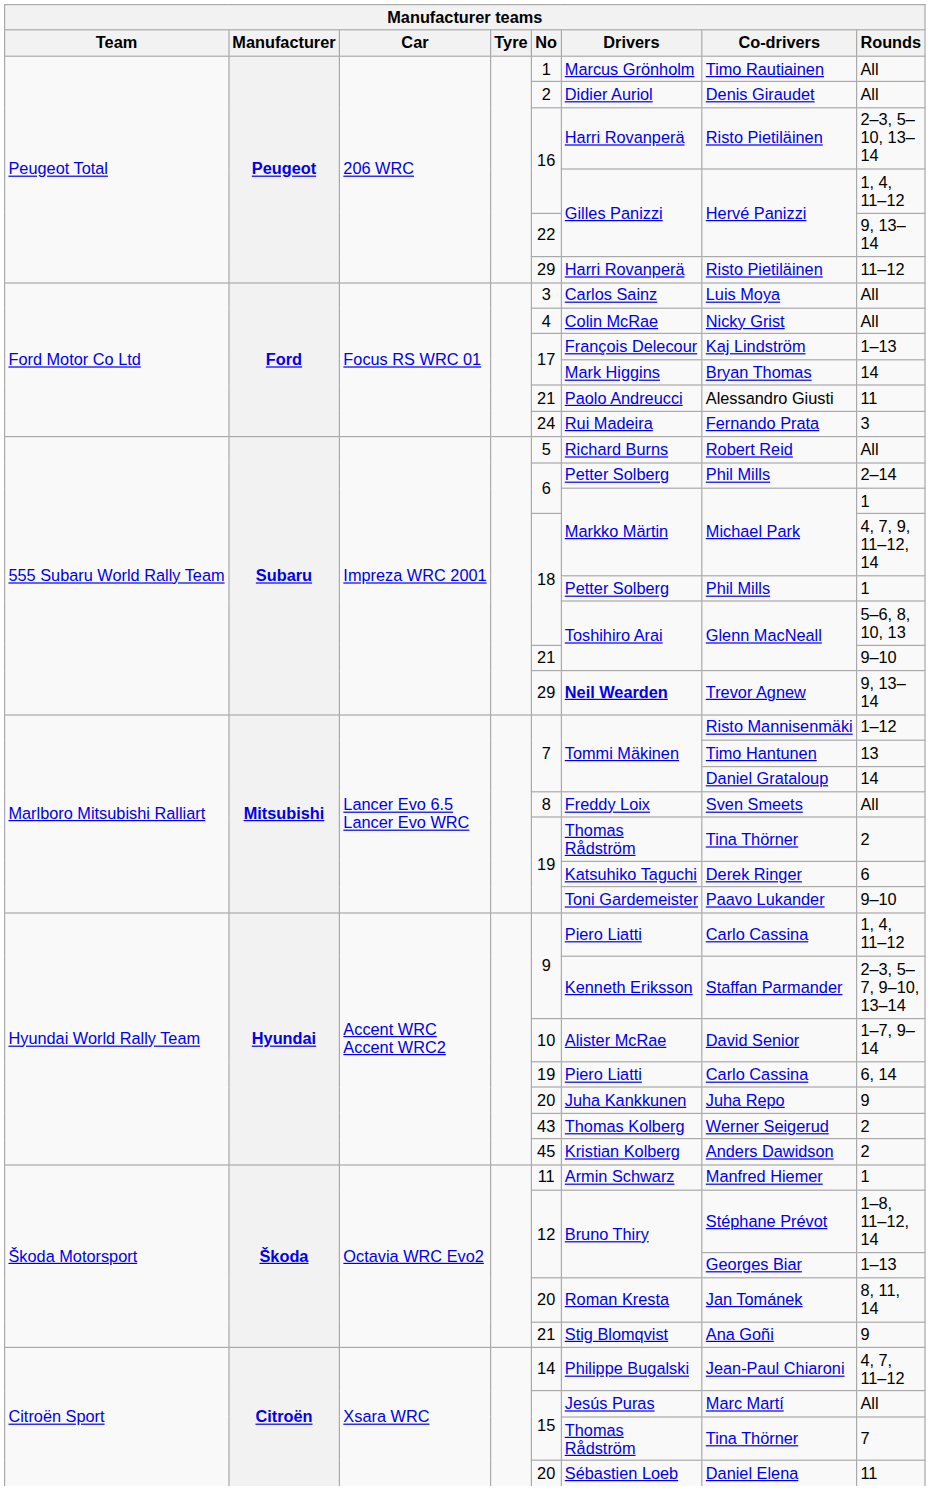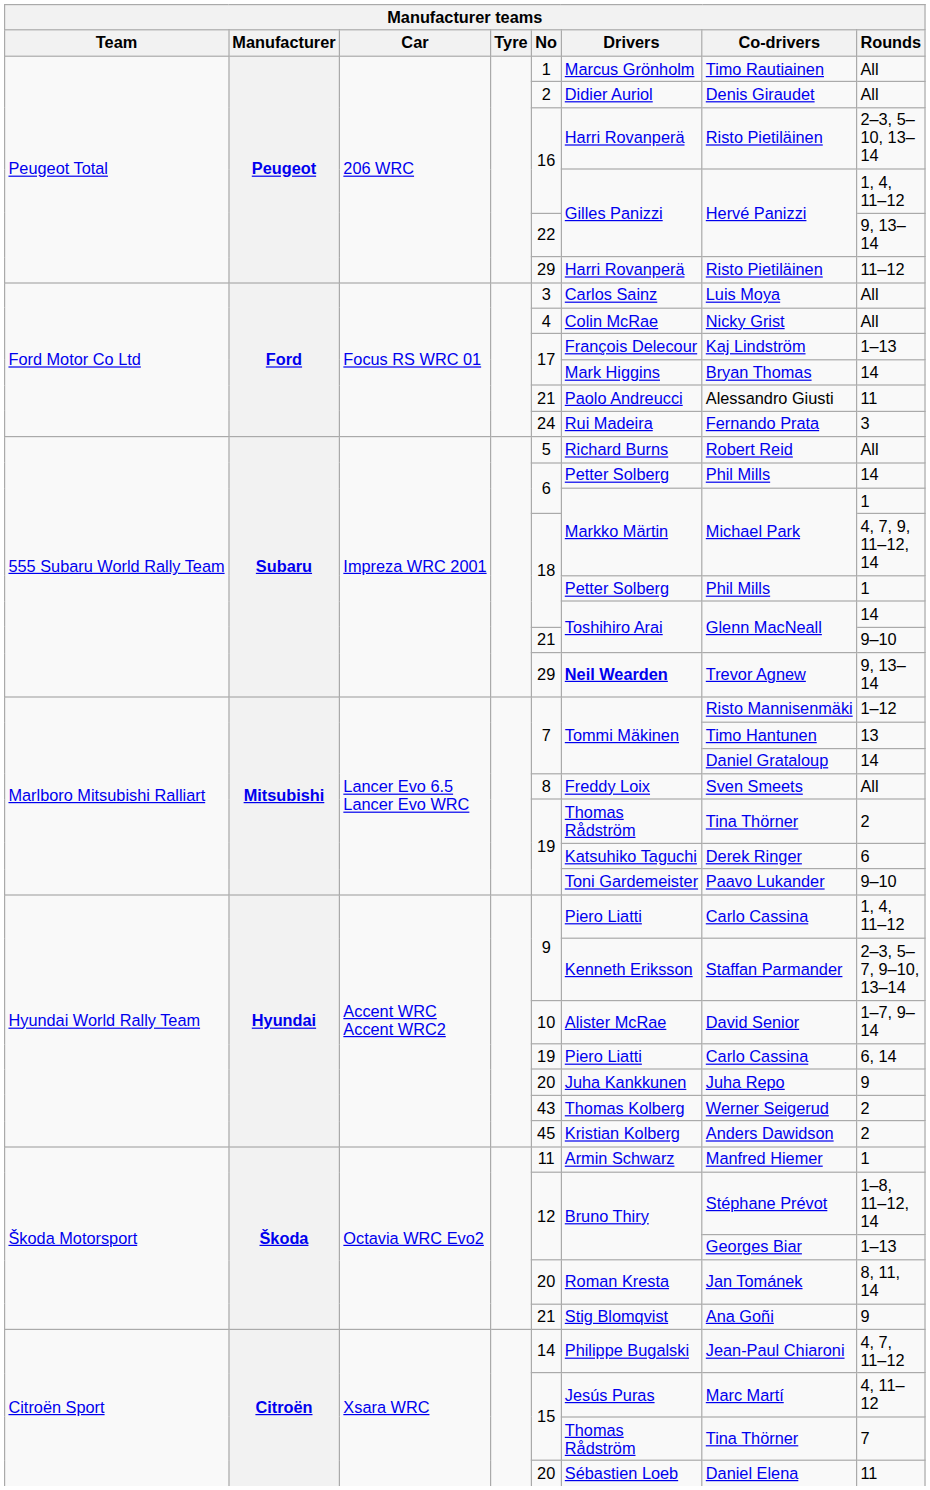 <table class="wikitable" style="font-size: 85%">
 <tr>
 <th colspan="11">Manufacturer teams</th>
 </tr>
 <tr>
 <th>Team</th>
 <th>Manufacturer</th>
 <th>Car</th>
 <th>Tyre</th>
 <th>No</th>
 <th>Drivers</th>
 <th><strong>Co-drivers</strong></th>
 <th>Rounds</th>
 </tr>
 <tr>
 <td rowspan="6"> <a href='#'>Peugeot Total</a></td>
 <th rowspan="6"><a href='#'>Peugeot</a></th>
 <td rowspan="6"><a href='#'>206 WRC</a></td>
 <td rowspan="6" align="center"></td>
 <td align="center">1</td>
 <td nowrap> <a href='#'>Marcus Grönholm</a></td>
 <td nowrap> <a href='#'>Timo Rautiainen</a></td>
 <td>All</td>
 </tr>
 <tr>
 <td align="center">2</td>
 <td> <a href='#'>Didier Auriol</a></td>
 <td> <a href='#'>Denis Giraudet</a></td>
 <td>All</td>
 </tr>
 <tr>
 <td align="center" rowspan="2">16</td>
 <td> <a href='#'>Harri Rovanperä</a></td>
 <td> <a href='#'>Risto Pietiläinen</a></td>
 <td>2–3, 5–10, 13–14</td>
 </tr>
 <tr>
 <td rowspan="2"> <a href='#'>Gilles Panizzi</a></td>
 <td rowspan="2"> <a href='#'>Hervé Panizzi</a></td>
 <td>1, 4, 11–12</td>
 </tr>
 <tr>
 <td align="center">22</td>
 <td>9, 13–14</td>
 </tr>
 <tr>
 <td align="center">29</td>
 <td> <a href='#'>Harri Rovanperä</a></td>
 <td> <a href='#'>Risto Pietiläinen</a></td>
 <td>11–12</td>
 </tr>
 <tr>
 <td rowspan="6"> <a href='#'>Ford Motor Co Ltd</a></td>
 <th rowspan="6"><a href='#'>Ford</a></th>
 <td rowspan="6"><a href='#'>Focus RS WRC 01</a></td>
 <td rowspan="6" align="center"></td>
 <td align="center">3</td>
 <td> <a href='#'>Carlos Sainz</a></td>
 <td> <a href='#'>Luis Moya</a></td>
 <td>All</td>
 </tr>
 <tr>
 <td align="center">4</td>
 <td> <a href='#'>Colin McRae</a></td>
 <td> <a href='#'>Nicky Grist</a></td>
 <td>All</td>
 </tr>
 <tr>
 <td align="center" rowspan="2">17</td>
 <td> <a href='#'>François Delecour</a></td>
 <td> <a href='#'>Kaj Lindström</a></td>
 <td>1–13</td>
 </tr>
 <tr>
 <td> <a href='#'>Mark Higgins</a></td>
 <td> <a href='#'>Bryan Thomas</a></td>
 <td>14</td>
 </tr>
 <tr>
 <td align="center">21</td>
 <td> <a href='#'>Paolo Andreucci</a></td>
 <td> Alessandro Giusti</td>
 <td>11</td>
 </tr>
 <tr>
 <td align="center">24</td>
 <td> <a href='#'>Rui Madeira</a></td>
 <td> <a href='#'>Fernando Prata</a></td>
 <td>3</td>
 </tr>
 <tr>
 <td rowspan="8" nowrap> <a href='#'>555 Subaru World Rally Team</a></td>
 <th rowspan="8"><a href='#'>Subaru</a></th>
 <td rowspan="8" nowrap><a href='#'>Impreza WRC 2001</a></td>
 <td rowspan="8" align="center"></td>
 <td align="center">5</td>
 <td> <a href='#'>Richard Burns</a></td>
 <td> <a href='#'>Robert Reid</a></td>
 <td>All</td>
 </tr>
 <tr>
 <td rowspan="2" align="center">6</td>
 <td> <a href='#'>Petter Solberg</a></td>
 <td> <a href='#'>Phil Mills</a></td>
-<td>2–14</td>
+<td>14</td>
 </tr>
 <tr>
 <td rowspan="2"> <a href='#'>Markko Märtin</a></td>
 <td rowspan="2"> <a href='#'>Michael Park</a></td>
 <td>1</td>
 </tr>
 <tr>
 <td rowspan="3" align="center">18</td>
 <td>4, 7, 9, 11–12, 14</td>
 </tr>
 <tr>
 <td> <a href='#'>Petter Solberg</a></td>
 <td> <a href='#'>Phil Mills</a></td>
 <td>1</td>
 </tr>
 <tr>
 <td rowspan="2"> <a href='#'>Toshihiro Arai</a></td>
 <td rowspan="2"> <a href='#'>Glenn MacNeall</a></td>
-<td>5–6, 8, 10, 13</td>
+<td>14</td>
 </tr>
 <tr>
 <td align="center">21</td>
 <td>9–10</td>
 </tr>
 <tr>
 <td align="center">29</td>
 <td><strong> <a href='#'>Neil Wearden</a></strong></td>
 <td> <a href='#'>Trevor Agnew</a></td>
 <td>9, 13–14</td>
 </tr>
 <tr>
 <td rowspan="7"> <a href='#'>Marlboro Mitsubishi Ralliart</a></td>
 <th rowspan="7"><a href='#'>Mitsubishi</a></th>
 <td rowspan="7" nowrap><a href='#'>Lancer Evo 6.5</a><br><a href='#'>Lancer Evo WRC</a></td>
 <td rowspan="7" align="center"></td>
 <td rowspan="3" align="center">7</td>
 <td rowspan="3"> <a href='#'>Tommi Mäkinen</a></td>
 <td nowrap> <a href='#'>Risto Mannisenmäki</a></td>
 <td>1–12</td>
 </tr>
 <tr>
 <td> <a href='#'>Timo Hantunen</a></td>
 <td>13</td>
 </tr>
 <tr>
 <td> <a href='#'>Daniel Grataloup</a></td>
 <td>14</td>
 </tr>
 <tr>
 <td align="center">8</td>
 <td> <a href='#'>Freddy Loix</a></td>
 <td> <a href='#'>Sven Smeets</a></td>
 <td>All</td>
 </tr>
 <tr>
 <td rowspan="3" align="center">19</td>
 <td> <a href='#'>Thomas Rådström</a></td>
 <td> <a href='#'>Tina Thörner</a></td>
 <td>2</td>
 </tr>
 <tr>
 <td> <a href='#'>Katsuhiko Taguchi</a></td>
 <td> <a href='#'>Derek Ringer</a></td>
 <td>6</td>
 </tr>
 <tr>
 <td nowrap> <a href='#'>Toni Gardemeister</a></td>
 <td> <a href='#'>Paavo Lukander</a></td>
 <td>9–10</td>
 </tr>
 <tr>
 <td rowspan="7"> <a href='#'>Hyundai World Rally Team</a></td>
 <th rowspan="7"><a href='#'>Hyundai</a></th>
 <td rowspan="7"><a href='#'>Accent WRC</a><br><a href='#'>Accent WRC2</a></td>
 <td rowspan="7" align="center"></td>
 <td rowspan="2" align="center">9</td>
 <td> <a href='#'>Piero Liatti</a></td>
 <td> <a href='#'>Carlo Cassina</a></td>
 <td>1, 4, 11–12</td>
 </tr>
 <tr>
 <td> <a href='#'>Kenneth Eriksson</a></td>
 <td> <a href='#'>Staffan Parmander</a></td>
 <td>2–3, 5–7, 9–10, 13–14</td>
 </tr>
 <tr>
 <td align="center">10</td>
 <td> <a href='#'>Alister McRae</a></td>
 <td> <a href='#'>David Senior</a></td>
 <td>1–7, 9–14</td>
 </tr>
 <tr>
 <td align="center">19</td>
 <td> <a href='#'>Piero Liatti</a></td>
 <td> <a href='#'>Carlo Cassina</a></td>
 <td>6, 14</td>
 </tr>
 <tr>
 <td align="center">20</td>
 <td> <a href='#'>Juha Kankkunen</a></td>
 <td> <a href='#'>Juha Repo</a></td>
 <td>9</td>
 </tr>
 <tr>
 <td align="center">43</td>
 <td> <a href='#'>Thomas Kolberg</a></td>
 <td> <a href='#'>Werner Seigerud</a></td>
 <td>2</td>
 </tr>
 <tr>
 <td align="center">45</td>
 <td> <a href='#'>Kristian Kolberg</a></td>
 <td> <a href='#'>Anders Dawidson</a></td>
 <td>2</td>
 </tr>
 <tr>
 <td rowspan="5"> <a href='#'>Škoda Motorsport</a></td>
 <th rowspan="5"><a href='#'>Škoda</a></th>
 <td rowspan="5"><a href='#'>Octavia WRC Evo2</a></td>
 <td rowspan="5" align="center"></td>
 <td align="center">11</td>
 <td> <a href='#'>Armin Schwarz</a></td>
 <td> <a href='#'>Manfred Hiemer</a></td>
 <td>1</td>
 </tr>
 <tr>
 <td rowspan="2" align="center">12</td>
 <td rowspan="2"> <a href='#'>Bruno Thiry</a></td>
 <td> <a href='#'>Stéphane Prévot</a></td>
 <td>1–8, 11–12, 14</td>
 </tr>
 <tr>
 <td> <a href='#'>Georges Biar</a></td>
 <td>1–13</td>
 </tr>
 <tr>
 <td align="center">20</td>
 <td> <a href='#'>Roman Kresta</a></td>
 <td> <a href='#'>Jan Tománek</a></td>
 <td>8, 11, 14</td>
 </tr>
 <tr>
 <td align="center">21</td>
 <td> <a href='#'>Stig Blomqvist</a></td>
 <td> <a href='#'>Ana Goñi</a></td>
 <td>9</td>
 </tr>
 <tr>
 <td rowspan="4"> <a href='#'>Citroën Sport</a></td>
 <th rowspan="4"><a href='#'>Citroën</a></th>
 <td rowspan="4"><a href='#'>Xsara WRC</a></td>
 <td rowspan="4" align="center"></td>
 <td align="center">14</td>
 <td> <a href='#'>Philippe Bugalski</a></td>
 <td> <a href='#'>Jean-Paul Chiaroni</a></td>
 <td>4, 7, 11–12</td>
 </tr>
 <tr>
 <td rowspan="2" align="center">15</td>
 <td> <a href='#'>Jesús Puras</a></td>
 <td> <a href='#'>Marc Martí</a></td>
-<td>All</td>
+<td>4, 11–12</td>
 </tr>
 <tr>
 <td> <a href='#'>Thomas Rådström</a></td>
 <td> <a href='#'>Tina Thörner</a></td>
 <td>7</td>
 </tr>
 <tr>
 <td align="center">20</td>
 <td> <a href='#'>Sébastien Loeb</a></td>
 <td> <a href='#'>Daniel Elena</a></td>
 <td>11</td>
 </tr>
 <tr>
 </tr>
 </table>
